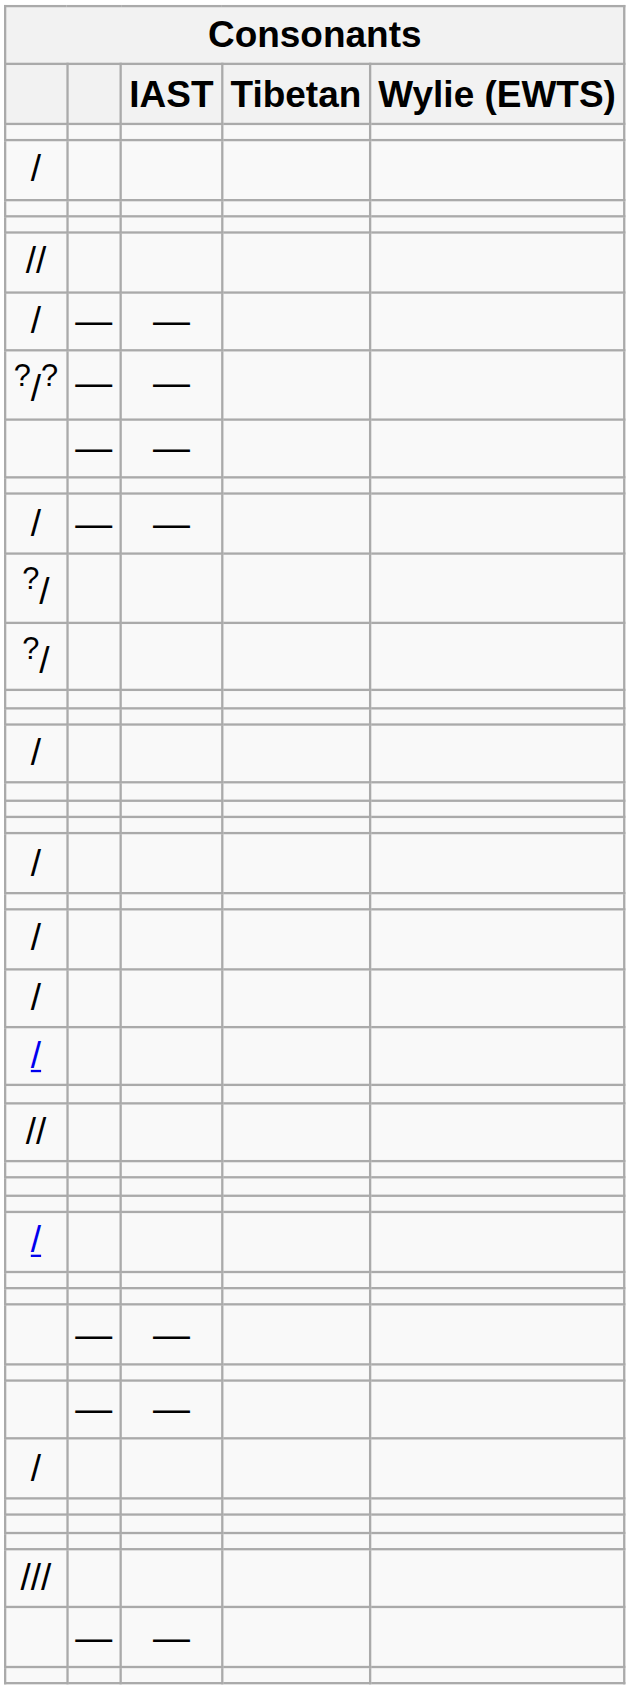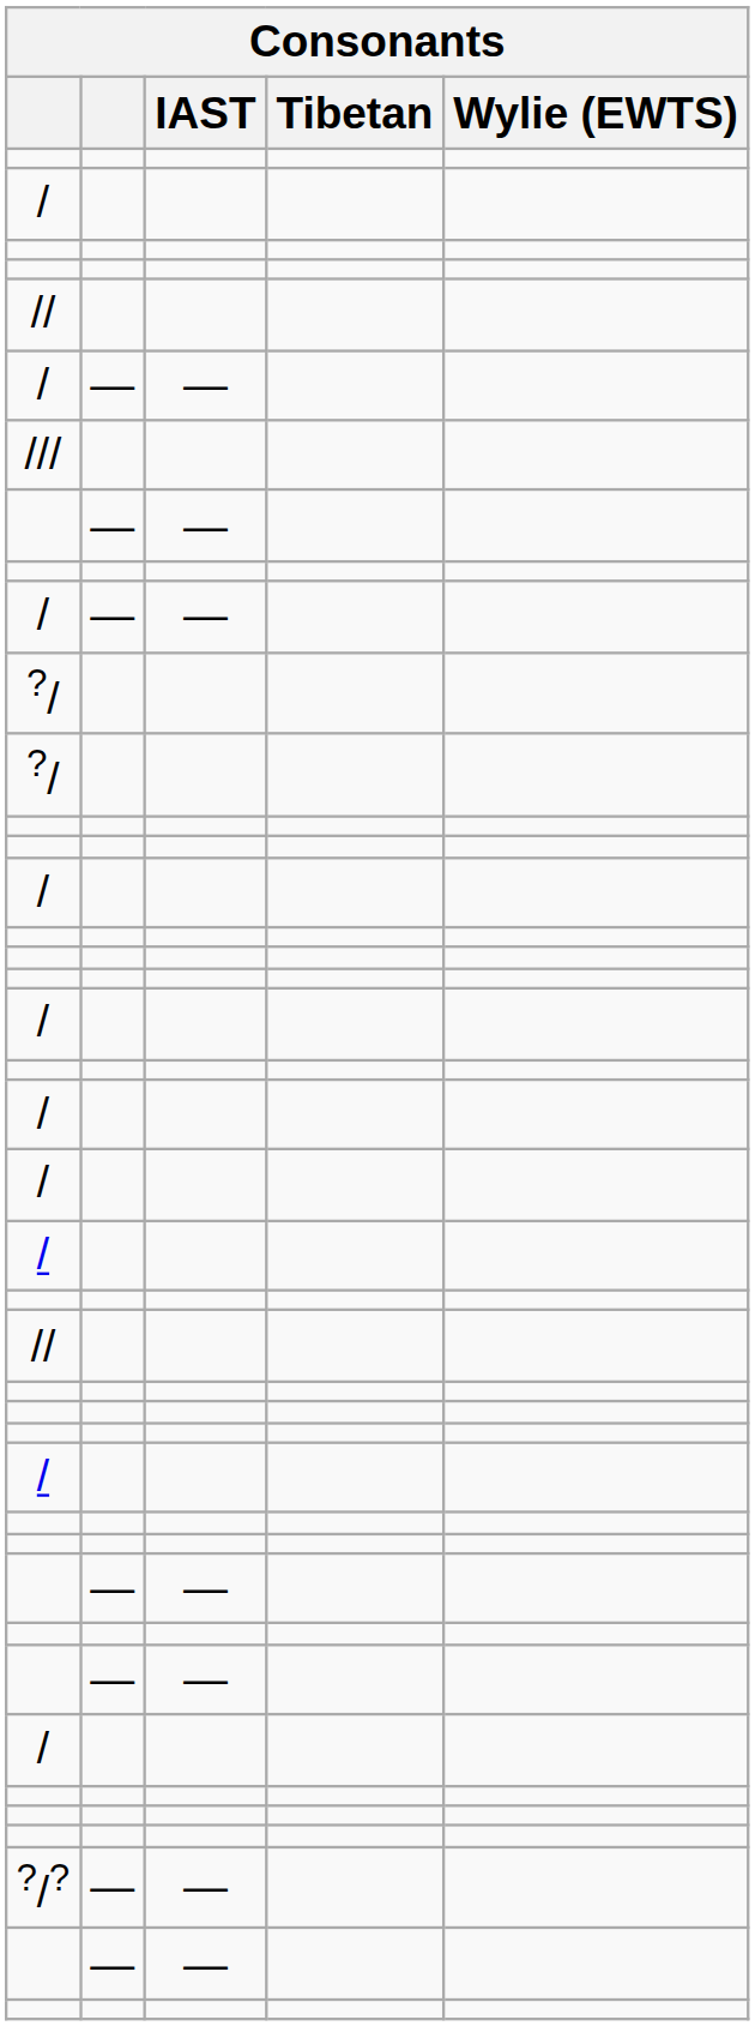 <table class="wikitable" style="text-align: center; display: inline-table;">
 <tr>
 <th colspan="5">Consonants</th>
 </tr>
 <tr>
 <th></th>
 <th></th>
 <th>IAST</th>
 <th>Tibetan</th>
 <th>Wylie (EWTS)</th>
 </tr>
 <tr>
 <td></td>
 <td></td>
 <td></td>
 <td></td>
 <td></td>
 </tr>
 <tr>
 <td>/</td>
 <td></td>
 <td></td>
 <td></td>
 <td></td>
 </tr>
 <tr>
 <td></td>
 <td></td>
 <td></td>
 <td></td>
 <td></td>
 </tr>
 <tr>
 <td></td>
 <td></td>
 <td></td>
 <td></td>
 <td></td>
 </tr>
 <tr>
 <td>//</td>
 <td></td>
 <td></td>
 <td></td>
 <td></td>
 </tr>
 <tr>
 <td>/</td>
 <td>—</td>
 <td>—</td>
 <td></td>
 <td></td>
 </tr>
 <tr>
-<td><sup>?</sup>/<sup>?</sup></td>
-<td>—</td>
-<td>—</td>
+<td>///</td>
+<td></td>
+<td></td>
 <td></td>
 <td></td>
 </tr>
 <tr>
 <td><a href='#'></a> <em></em></td>
 <td>—</td>
 <td>—</td>
 <td></td>
 <td></td>
 </tr>
 <tr>
 <td></td>
 <td></td>
 <td></td>
 <td></td>
 <td></td>
 </tr>
 <tr>
 <td>/</td>
 <td>—</td>
 <td>—</td>
 <td></td>
 <td></td>
 </tr>
 <tr>
 <td><sup>?</sup>/</td>
 <td></td>
 <td></td>
 <td></td>
 <td></td>
 </tr>
 <tr>
 <td><sup>?</sup>/</td>
 <td></td>
 <td></td>
 <td></td>
 <td></td>
 </tr>
 <tr>
 <td></td>
 <td></td>
 <td></td>
 <td></td>
 <td></td>
 </tr>
 <tr>
 <td></td>
 <td></td>
 <td></td>
 <td></td>
 <td></td>
 </tr>
 <tr>
 <td>/</td>
 <td></td>
 <td></td>
 <td></td>
 <td></td>
 </tr>
 <tr>
 <td></td>
 <td></td>
 <td></td>
 <td></td>
 <td></td>
 </tr>
 <tr>
 <td></td>
 <td></td>
 <td></td>
 <td></td>
 <td></td>
 </tr>
 <tr>
 <td></td>
 <td></td>
 <td></td>
 <td></td>
 <td></td>
 </tr>
 <tr>
 <td>/</td>
 <td></td>
 <td></td>
 <td></td>
 <td></td>
 </tr>
 <tr>
 <td><a href='#'></a> <em></em></td>
 <td></td>
 <td></td>
 <td></td>
 <td></td>
 </tr>
 <tr>
 <td>/</td>
 <td></td>
 <td></td>
 <td></td>
 <td></td>
 </tr>
 <tr>
 <td>/</td>
 <td></td>
 <td></td>
 <td></td>
 <td></td>
 </tr>
 <tr>
 <td><a href='#'>/</a> <em></em></td>
 <td></td>
 <td></td>
 <td></td>
 <td></td>
 </tr>
 <tr>
 <td></td>
 <td></td>
 <td></td>
 <td></td>
 <td></td>
 </tr>
 <tr>
 <td>//</td>
 <td></td>
 <td></td>
 <td></td>
 <td></td>
 </tr>
 <tr>
 <td><a href='#'></a> <em></em></td>
 <td></td>
 <td></td>
 <td></td>
 <td></td>
 </tr>
 <tr>
 <td></td>
 <td></td>
 <td></td>
 <td></td>
 <td></td>
 </tr>
 <tr>
 <td><a href='#'></a> <em></em></td>
 <td></td>
 <td></td>
 <td></td>
 <td></td>
 </tr>
 <tr>
 <td><a href='#'>/</a> <em></em></td>
 <td></td>
 <td></td>
 <td></td>
 <td></td>
 </tr>
 <tr>
 <td><a href='#'></a> <em></em></td>
 <td></td>
 <td></td>
 <td></td>
 <td></td>
 </tr>
 <tr>
 <td><a href='#'></a> <em></em></td>
 <td></td>
 <td></td>
 <td></td>
 <td></td>
 </tr>
 <tr>
 <td></td>
 <td>—</td>
 <td>—</td>
 <td></td>
 <td></td>
 </tr>
 <tr>
 <td><a href='#'></a> <em></em></td>
 <td></td>
 <td></td>
 <td></td>
 <td></td>
 </tr>
 <tr>
 <td></td>
 <td>—</td>
 <td>—</td>
 <td></td>
 <td></td>
 </tr>
 <tr>
 <td>/<a href='#'></a> <em></em></td>
 <td></td>
 <td></td>
 <td></td>
 <td></td>
 </tr>
 <tr>
 <td></td>
 <td></td>
 <td></td>
 <td></td>
 <td></td>
 </tr>
 <tr>
 <td><a href='#'></a> <em></em></td>
 <td></td>
 <td></td>
 <td></td>
 <td></td>
 </tr>
 <tr>
 <td></td>
 <td></td>
 <td></td>
 <td></td>
 <td></td>
 </tr>
 <tr>
-<td>///</td>
-<td></td>
-<td></td>
+<td><sup>?</sup>/<sup>?</sup></td>
+<td>—</td>
+<td>—</td>
 <td></td>
 <td></td>
 </tr>
 <tr>
 <td></td>
 <td>—</td>
 <td>—</td>
 <td></td>
 <td></td>
 </tr>
 <tr>
 <td></td>
 <td></td>
 <td></td>
 <td></td>
 <td></td>
 </tr>
 </table>
